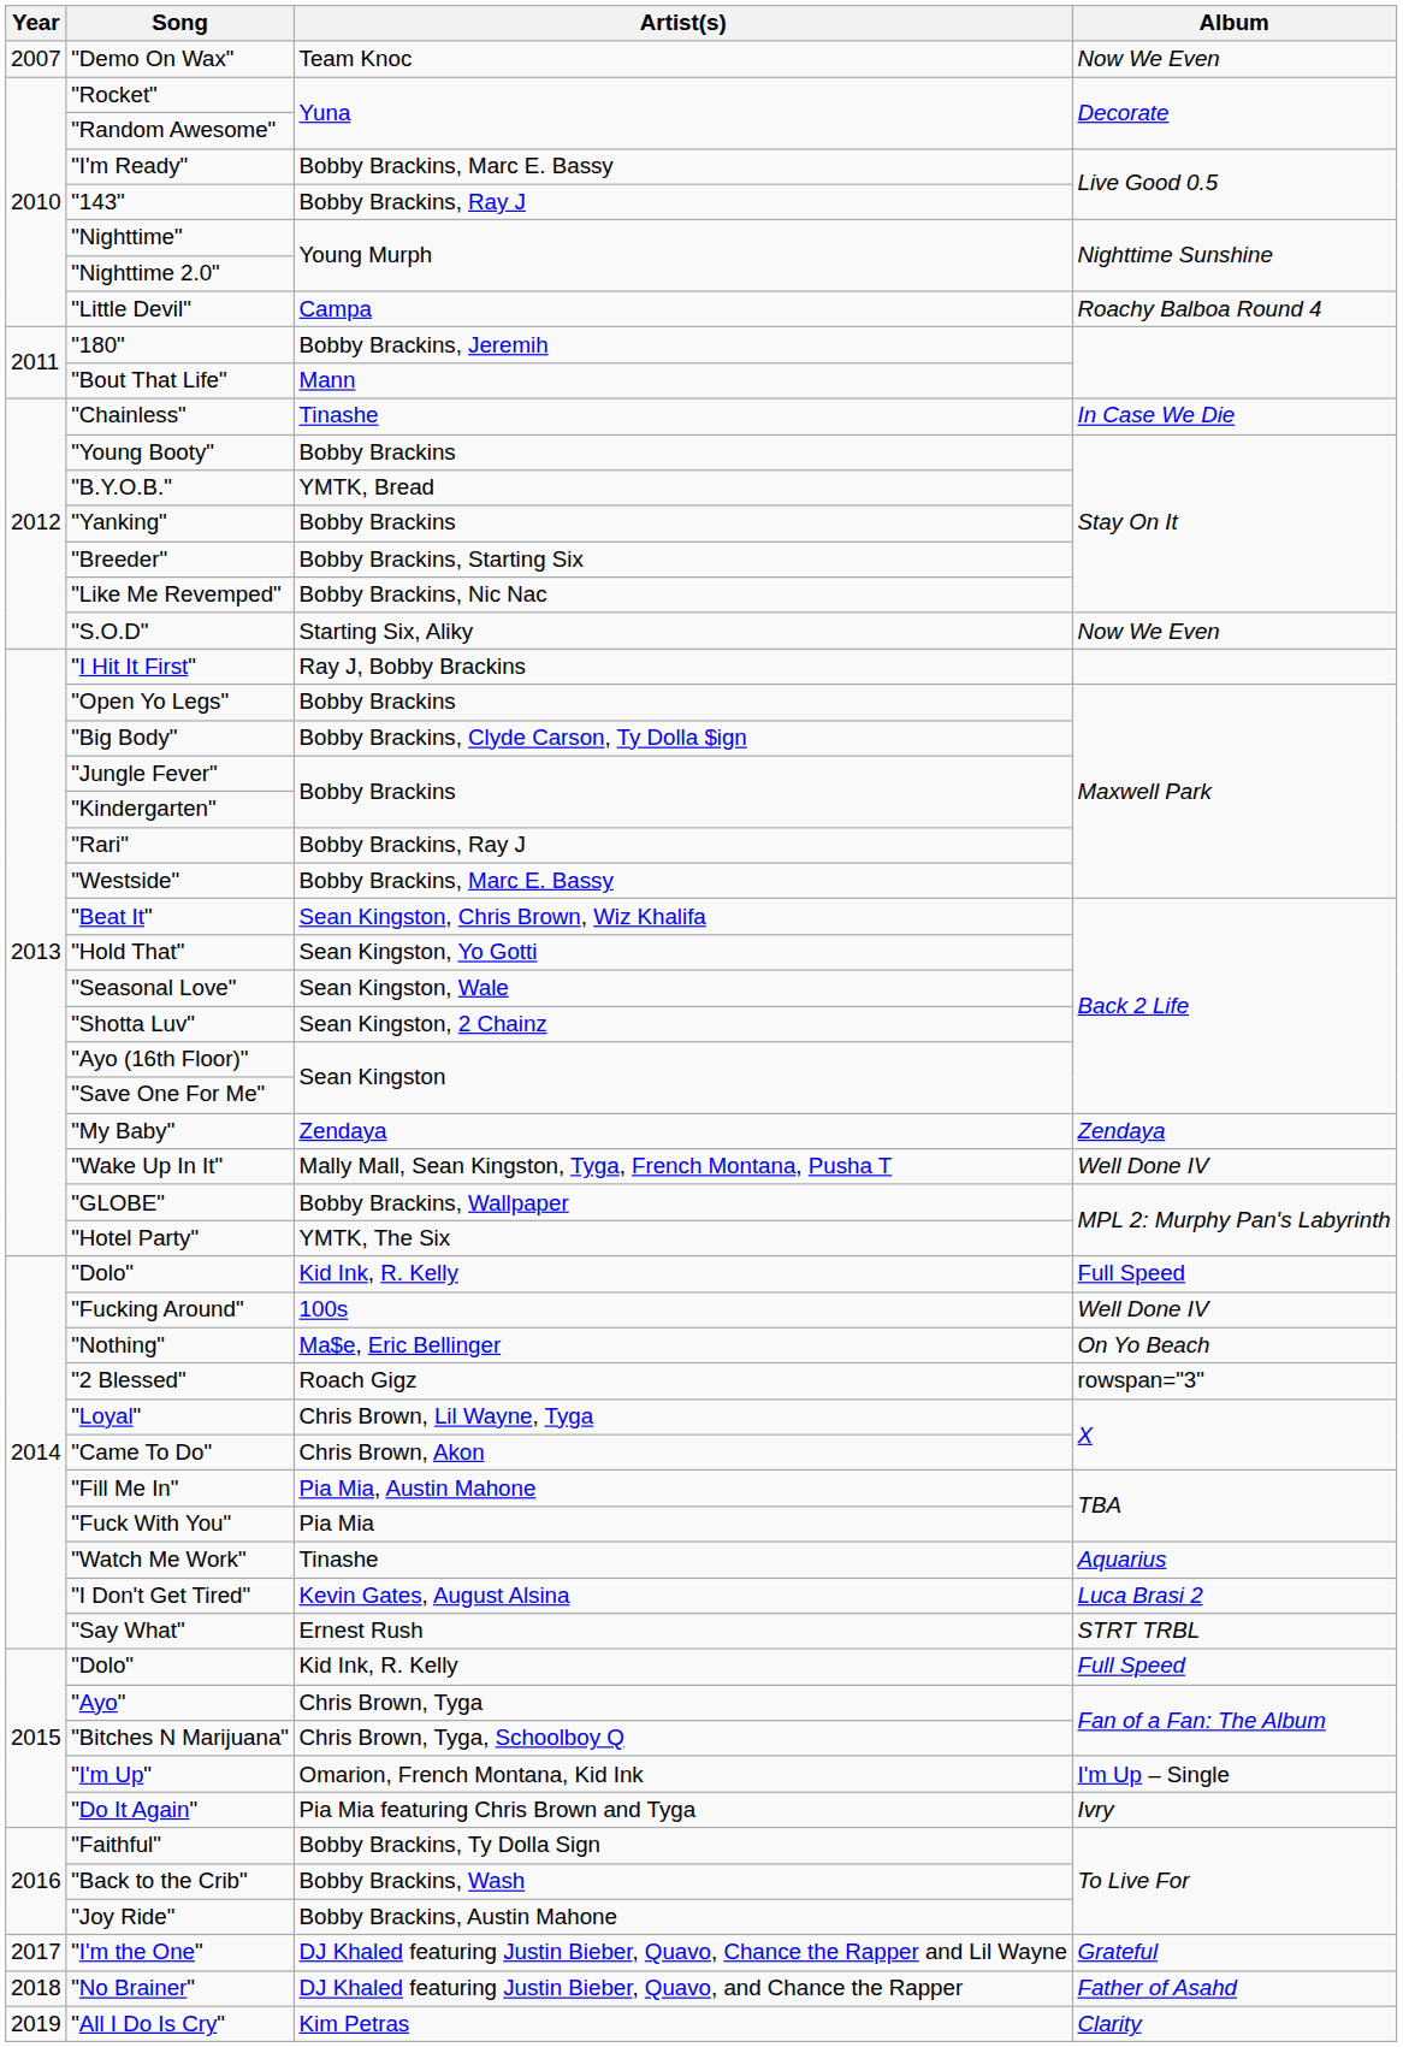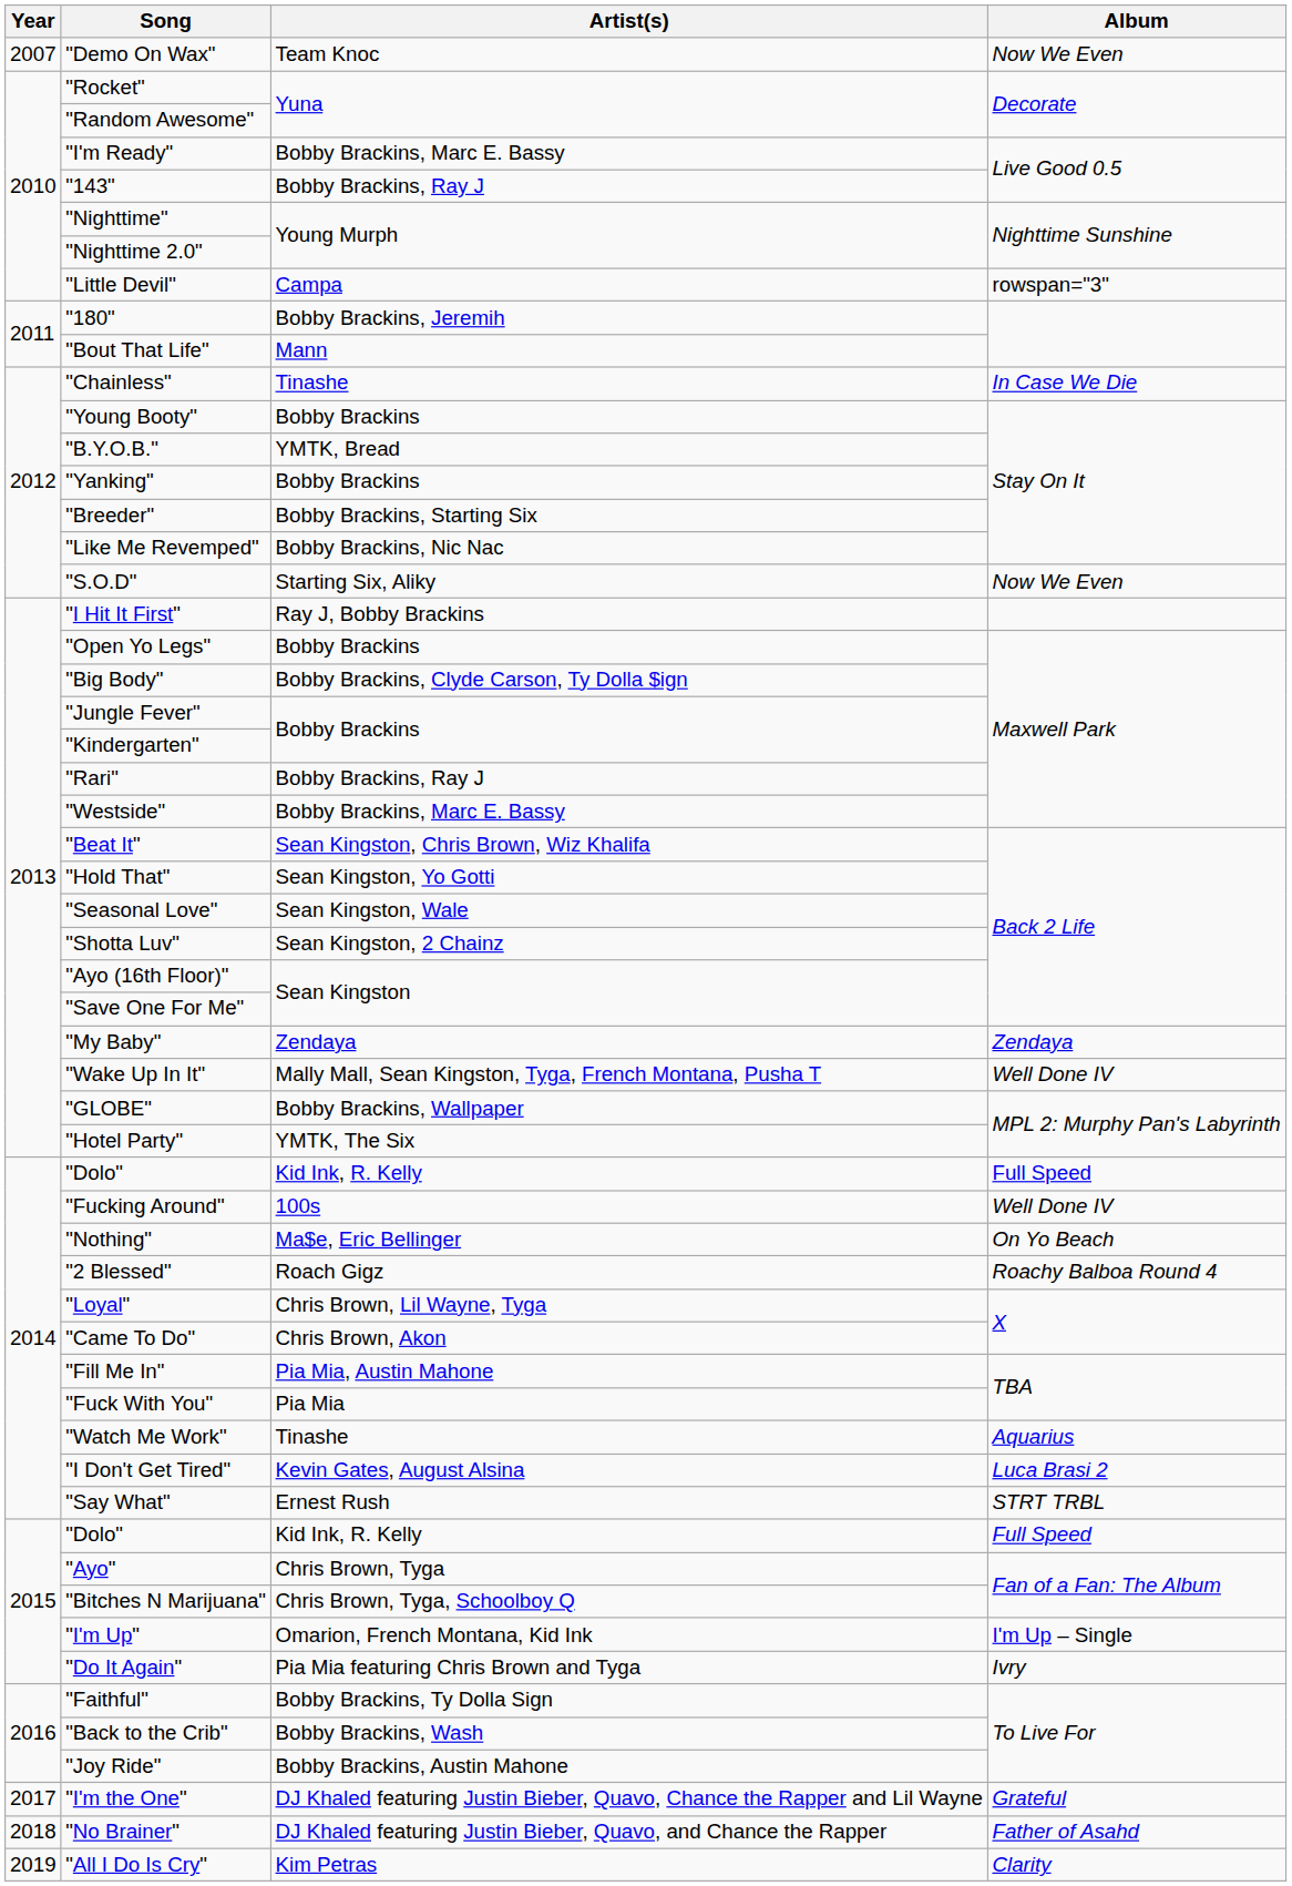 <table class="wikitable plainrowheaders">
 <tr>
 <th>Year</th>
 <th>Song</th>
 <th>Artist(s)</th>
 <th>Album</th>
 </tr>
 <tr>
 <td>2007</td>
 <td>"Demo On Wax"</td>
 <td>Team Knoc</td>
 <td><em>Now We Even</em></td>
 </tr>
 <tr>
 <td rowspan="7">2010</td>
 <td>"Rocket"</td>
 <td rowspan="2"><a href='#'>Yuna</a></td>
 <td rowspan="2"><em><a href='#'>Decorate</a></em></td>
 </tr>
 <tr>
 <td>"Random Awesome"</td>
 </tr>
 <tr>
 <td>"I'm Ready"</td>
 <td>Bobby Brackins, Marc E. Bassy</td>
 <td rowspan="2"><em>Live Good 0.5</em></td>
 </tr>
 <tr>
 <td>"143"</td>
 <td>Bobby Brackins, <a href='#'>Ray J</a></td>
 </tr>
 <tr>
 <td>"Nighttime"</td>
 <td rowspan="2">Young Murph</td>
 <td rowspan="2"><em>Nighttime Sunshine</em></td>
 </tr>
 <tr>
 <td>"Nighttime 2.0"</td>
 </tr>
 <tr>
 <td>"Little Devil"</td>
 <td><a href='#'>Campa</a></td>
-<td><em>Roachy Balboa Round 4</em></td>
+<td>rowspan="3" </td>
 </tr>
 <tr>
 <td rowspan="2">2011</td>
 <td>"180"</td>
 <td>Bobby Brackins, <a href='#'>Jeremih</a></td>
 </tr>
 <tr>
 <td>"Bout That Life"</td>
 <td><a href='#'>Mann</a></td>
 </tr>
 <tr>
 <td rowspan="7">2012</td>
 <td>"Chainless"</td>
 <td><a href='#'>Tinashe</a></td>
 <td><em><a href='#'>In Case We Die</a></em></td>
 </tr>
 <tr>
 <td>"Young Booty"</td>
 <td>Bobby Brackins</td>
 <td rowspan="5"><em>Stay On It</em></td>
 </tr>
 <tr>
 <td>"B.Y.O.B."</td>
 <td>YMTK, Bread</td>
 </tr>
 <tr>
 <td>"Yanking"</td>
 <td>Bobby Brackins</td>
 </tr>
 <tr>
 <td>"Breeder"</td>
 <td>Bobby Brackins, Starting Six</td>
 </tr>
 <tr>
 <td>"Like Me Revemped"</td>
 <td>Bobby Brackins, Nic Nac</td>
 </tr>
 <tr>
 <td>"S.O.D"</td>
 <td>Starting Six, Aliky</td>
 <td><em>Now We Even</em></td>
 </tr>
 <tr>
 <td rowspan="17">2013</td>
 <td>"<a href='#'>I Hit It First</a>"</td>
 <td>Ray J, Bobby Brackins</td>
 <td></td>
 </tr>
 <tr>
 <td>"Open Yo Legs"</td>
 <td>Bobby Brackins</td>
 <td rowspan="6"><em>Maxwell Park</em></td>
 </tr>
 <tr>
 <td>"Big Body"</td>
 <td>Bobby Brackins, <a href='#'>Clyde Carson</a>, <a href='#'>Ty Dolla $ign</a></td>
 </tr>
 <tr>
 <td>"Jungle Fever"</td>
 <td rowspan="2">Bobby Brackins</td>
 </tr>
 <tr>
 <td>"Kindergarten"</td>
 </tr>
 <tr>
 <td>"Rari"</td>
 <td>Bobby Brackins, Ray J</td>
 </tr>
 <tr>
 <td>"Westside"</td>
 <td>Bobby Brackins, <a href='#'>Marc E. Bassy</a></td>
 </tr>
 <tr>
 <td>"<a href='#'>Beat It</a>"</td>
 <td><a href='#'>Sean Kingston</a>, <a href='#'>Chris Brown</a>, <a href='#'>Wiz Khalifa</a></td>
 <td rowspan="6"><em><a href='#'>Back 2 Life</a></em></td>
 </tr>
 <tr>
 <td>"Hold That"</td>
 <td>Sean Kingston, <a href='#'>Yo Gotti</a></td>
 </tr>
 <tr>
 <td>"Seasonal Love"</td>
 <td>Sean Kingston, <a href='#'>Wale</a></td>
 </tr>
 <tr>
 <td>"Shotta Luv"</td>
 <td>Sean Kingston, <a href='#'>2 Chainz</a></td>
 </tr>
 <tr>
 <td>"Ayo (16th Floor)"</td>
 <td rowspan="2">Sean Kingston</td>
 </tr>
 <tr>
 <td>"Save One For Me"</td>
 </tr>
 <tr>
 <td>"My Baby"</td>
 <td><a href='#'>Zendaya</a></td>
 <td><em><a href='#'>Zendaya</a></em></td>
 </tr>
 <tr>
 <td>"Wake Up In It"</td>
 <td>Mally Mall, Sean Kingston, <a href='#'>Tyga</a>, <a href='#'>French Montana</a>, <a href='#'>Pusha T</a></td>
 <td><em>Well Done IV</em></td>
 </tr>
 <tr>
 <td>"GLOBE"</td>
 <td>Bobby Brackins, <a href='#'>Wallpaper</a></td>
 <td rowspan="2"><em>MPL 2: Murphy Pan's Labyrinth</em></td>
 </tr>
 <tr>
 <td>"Hotel Party"</td>
 <td>YMTK, The Six</td>
 </tr>
 <tr>
 <td rowspan="11">2014</td>
 <td>"Dolo"</td>
 <td><a href='#'>Kid Ink</a>, <a href='#'>R. Kelly</a></td>
 <td><a href='#'>Full Speed</a></td>
 </tr>
 <tr>
 <td>"Fucking Around"</td>
 <td><a href='#'>100s</a></td>
 <td><em>Well Done IV</em></td>
 </tr>
 <tr>
 <td>"Nothing"</td>
 <td><a href='#'>Ma$e</a>, <a href='#'>Eric Bellinger</a></td>
 <td><em>On Yo Beach</em></td>
 </tr>
 <tr>
 <td>"2 Blessed"</td>
 <td>Roach Gigz</td>
-<td>rowspan="3" </td>
+<td><em>Roachy Balboa Round 4</em></td>
 </tr>
 <tr>
 <td>"<a href='#'>Loyal</a>"</td>
 <td>Chris Brown, <a href='#'>Lil Wayne</a>, <a href='#'>Tyga</a></td>
 <td rowspan="2"><em><a href='#'>X</a></em></td>
 </tr>
 <tr>
 <td>"Came To Do"</td>
 <td>Chris Brown, <a href='#'>Akon</a></td>
 </tr>
 <tr>
 <td>"Fill Me In"</td>
 <td><a href='#'>Pia Mia</a>, <a href='#'>Austin Mahone</a></td>
 <td rowspan="2"><em>TBA</em></td>
 </tr>
 <tr>
 <td>"Fuck With You"</td>
 <td>Pia Mia</td>
 </tr>
 <tr>
 <td>"Watch Me Work"</td>
 <td>Tinashe</td>
 <td><em><a href='#'>Aquarius</a></em></td>
 </tr>
 <tr>
 <td>"I Don't Get Tired"</td>
 <td><a href='#'>Kevin Gates</a>, <a href='#'>August Alsina</a></td>
 <td><em><a href='#'>Luca Brasi 2</a></em></td>
 </tr>
 <tr>
 <td>"Say What"</td>
 <td>Ernest Rush</td>
 <td><em>STRT TRBL</em></td>
 </tr>
 <tr>
 <td rowspan="5">2015</td>
 <td>"Dolo"</td>
 <td>Kid Ink, R. Kelly</td>
 <td><em><a href='#'>Full Speed</a></em></td>
 </tr>
 <tr>
 <td>"<a href='#'>Ayo</a>"</td>
 <td>Chris Brown, Tyga</td>
 <td rowspan="2"><em><a href='#'>Fan of a Fan: The Album</a></em></td>
 </tr>
 <tr>
 <td>"Bitches N Marijuana"</td>
 <td>Chris Brown, Tyga, <a href='#'>Schoolboy Q</a></td>
 </tr>
 <tr>
 <td>"<a href='#'>I'm Up</a>"</td>
 <td>Omarion, French Montana, Kid Ink</td>
 <td><a href='#'>I'm Up</a> – Single</td>
 </tr>
 <tr>
 <td>"<a href='#'>Do It Again</a>"</td>
 <td>Pia Mia featuring Chris Brown and Tyga</td>
 <td><em>Ivry</em></td>
 </tr>
 <tr>
 <td rowspan="3">2016</td>
 <td>"Faithful"</td>
 <td>Bobby Brackins, Ty Dolla Sign</td>
 <td rowspan="3"><em>To Live For</em></td>
 </tr>
 <tr>
 <td>"Back to the Crib"</td>
 <td>Bobby Brackins, <a href='#'>Wash</a></td>
 </tr>
 <tr>
 <td>"Joy Ride"</td>
 <td>Bobby Brackins, Austin Mahone</td>
 </tr>
 <tr>
 <td>2017</td>
 <td>"<a href='#'>I'm the One</a>"</td>
 <td><a href='#'>DJ Khaled</a> featuring <a href='#'>Justin Bieber</a>, <a href='#'>Quavo</a>, <a href='#'>Chance the Rapper</a> and Lil Wayne</td>
 <td><em><a href='#'>Grateful</a></em></td>
 </tr>
 <tr>
 <td>2018</td>
 <td>"<a href='#'>No Brainer</a>"</td>
 <td><a href='#'>DJ Khaled</a> featuring <a href='#'>Justin Bieber</a>, <a href='#'>Quavo</a>, and Chance the Rapper</td>
 <td><em><a href='#'>Father of Asahd</a></em></td>
 </tr>
 <tr>
 <td>2019</td>
 <td>"<a href='#'>All I Do Is Cry</a>"</td>
 <td><a href='#'>Kim Petras</a></td>
 <td><em><a href='#'>Clarity</a></em></td>
 </tr>
 </table>
